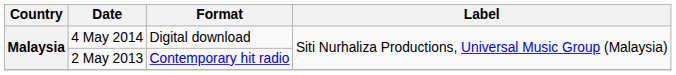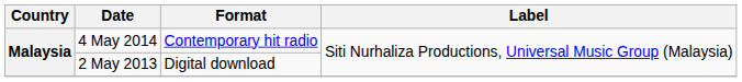 <table class="wikitable plainrowheaders" border="1">
 <tr>
 <th>Country</th>
 <th>Date</th>
 <th>Format</th>
 <th>Label</th>
 </tr>
 <tr>
 <th rowspan="2">Malaysia</th>
 <td rowspan="1">4 May 2014</td>
-<td rowspan="1">Digital download</td>
+<td><a href='#'>Contemporary hit radio</a></td>
 <td rowspan="2">Siti Nurhaliza Productions, <a href='#'>Universal Music Group</a> (Malaysia)</td>
 </tr>
 <tr>
 <td>2 May 2013</td>
-<td><a href='#'>Contemporary hit radio</a></td>
+<td rowspan="1">Digital download</td>
 </tr>
 <tr>
 </tr>
 </table>
